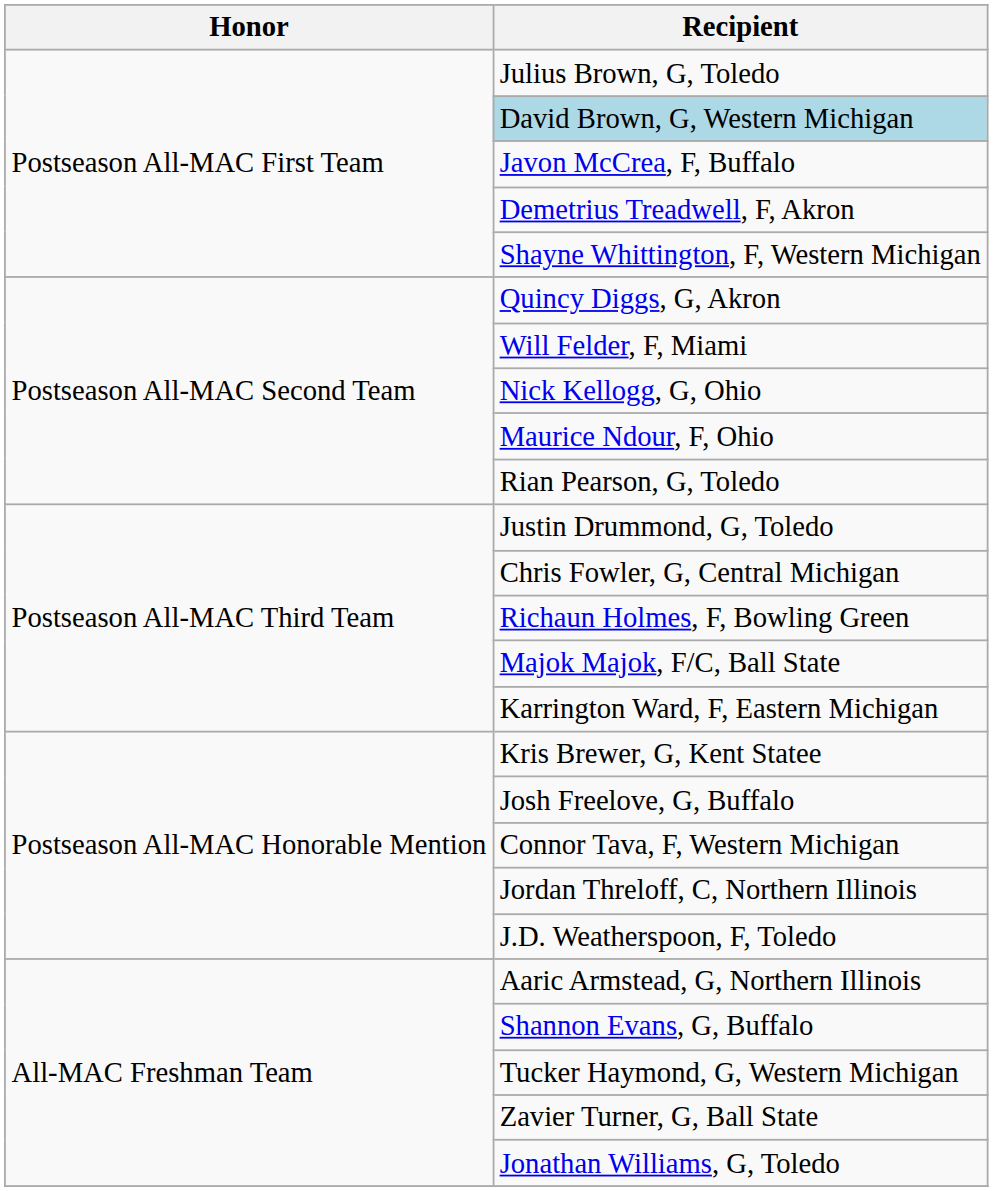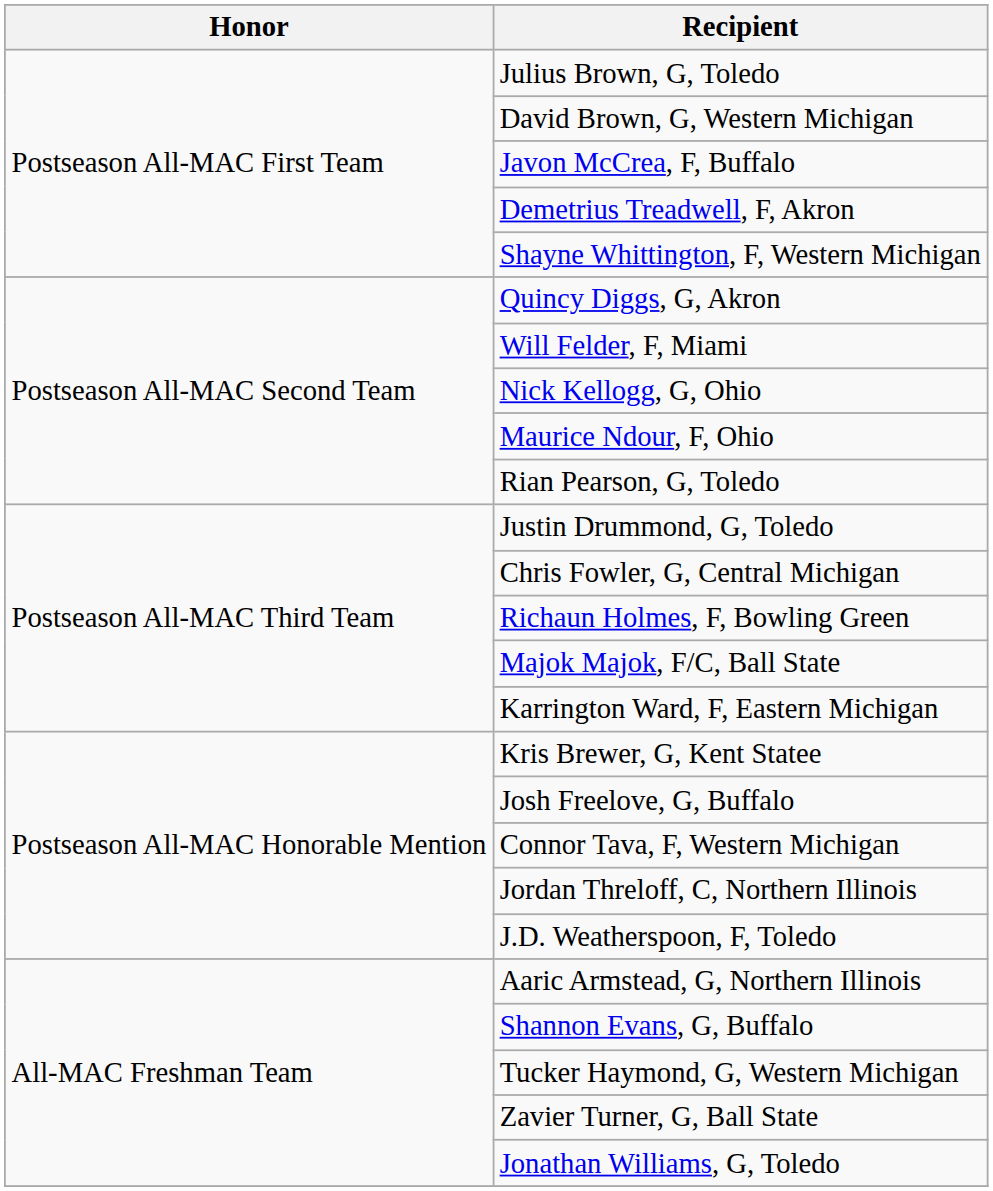 <table class="wikitable" border="1">
 <tr>
 <th>Honor</th>
 <th>Recipient</th>
 </tr>
 <tr>
 <td rowspan=5 valign=middle>Postseason All-MAC First Team</td>
 <td>Julius Brown, G, Toledo</td>
 </tr>
 <tr>
-<td style="background: lightblue;">David Brown, G, Western Michigan</td>
+<td>David Brown, G, Western Michigan</td>
 </tr>
 <tr>
 <td><a href='#'>Javon McCrea</a>, F, Buffalo</td>
 </tr>
 <tr>
 <td><a href='#'>Demetrius Treadwell</a>, F, Akron</td>
 </tr>
 <tr>
 <td><a href='#'>Shayne Whittington</a>, F, Western Michigan</td>
 </tr>
 <tr>
 <td rowspan=5 valign=middle>Postseason All-MAC Second Team</td>
 <td><a href='#'>Quincy Diggs</a>, G, Akron</td>
 </tr>
 <tr>
 <td><a href='#'>Will Felder</a>, F, Miami</td>
 </tr>
 <tr>
 <td><a href='#'>Nick Kellogg</a>, G, Ohio</td>
 </tr>
 <tr>
 <td><a href='#'>Maurice Ndour</a>, F, Ohio</td>
 </tr>
 <tr>
 <td>Rian Pearson, G, Toledo</td>
 </tr>
 <tr>
 <td rowspan=5 valign=middle>Postseason All-MAC Third Team</td>
 <td>Justin Drummond, G, Toledo</td>
 </tr>
 <tr>
 <td>Chris Fowler, G, Central Michigan</td>
 </tr>
 <tr>
 <td><a href='#'>Richaun Holmes</a>, F, Bowling Green</td>
 </tr>
 <tr>
 <td><a href='#'>Majok Majok</a>, F/C, Ball State</td>
 </tr>
 <tr>
 <td>Karrington Ward, F, Eastern Michigan</td>
 </tr>
 <tr>
 <td rowspan=5 valign=middle>Postseason All-MAC Honorable Mention</td>
 <td>Kris Brewer, G, Kent Statee</td>
 </tr>
 <tr>
 <td>Josh Freelove, G, Buffalo</td>
 </tr>
 <tr>
 <td>Connor Tava, F, Western Michigan</td>
 </tr>
 <tr>
 <td>Jordan Threloff, C, Northern Illinois</td>
 </tr>
 <tr>
 <td>J.D. Weatherspoon, F, Toledo</td>
 </tr>
 <tr>
 <td rowspan=5 valign=middle>All-MAC Freshman Team</td>
 <td>Aaric Armstead, G, Northern Illinois</td>
 </tr>
 <tr>
 <td><a href='#'>Shannon Evans</a>, G, Buffalo</td>
 </tr>
 <tr>
 <td>Tucker Haymond, G, Western Michigan</td>
 </tr>
 <tr>
 <td>Zavier Turner, G, Ball State</td>
 </tr>
 <tr>
 <td><a href='#'>Jonathan Williams</a>, G, Toledo</td>
 </tr>
 <tr>
 </tr>
 </table>
